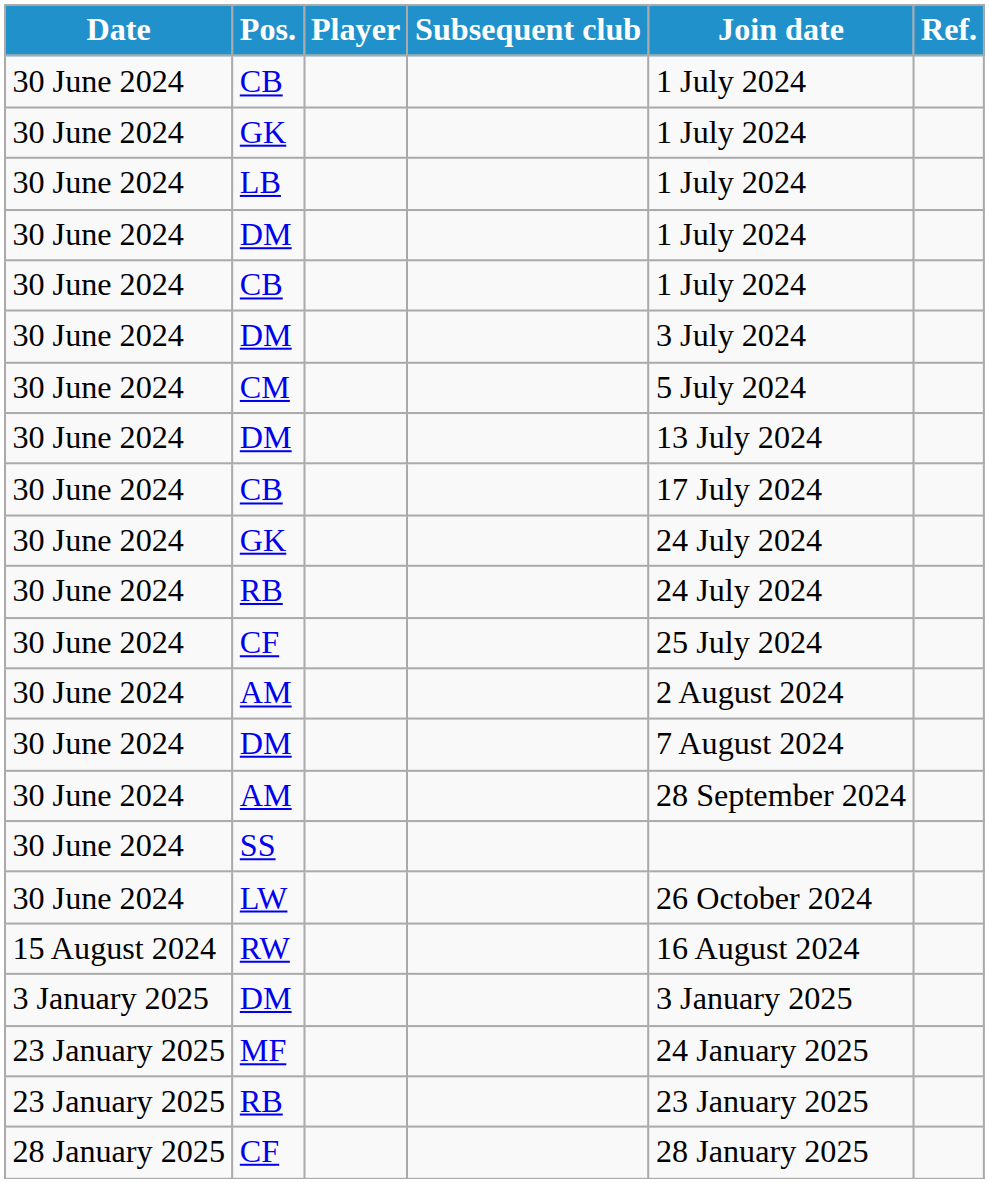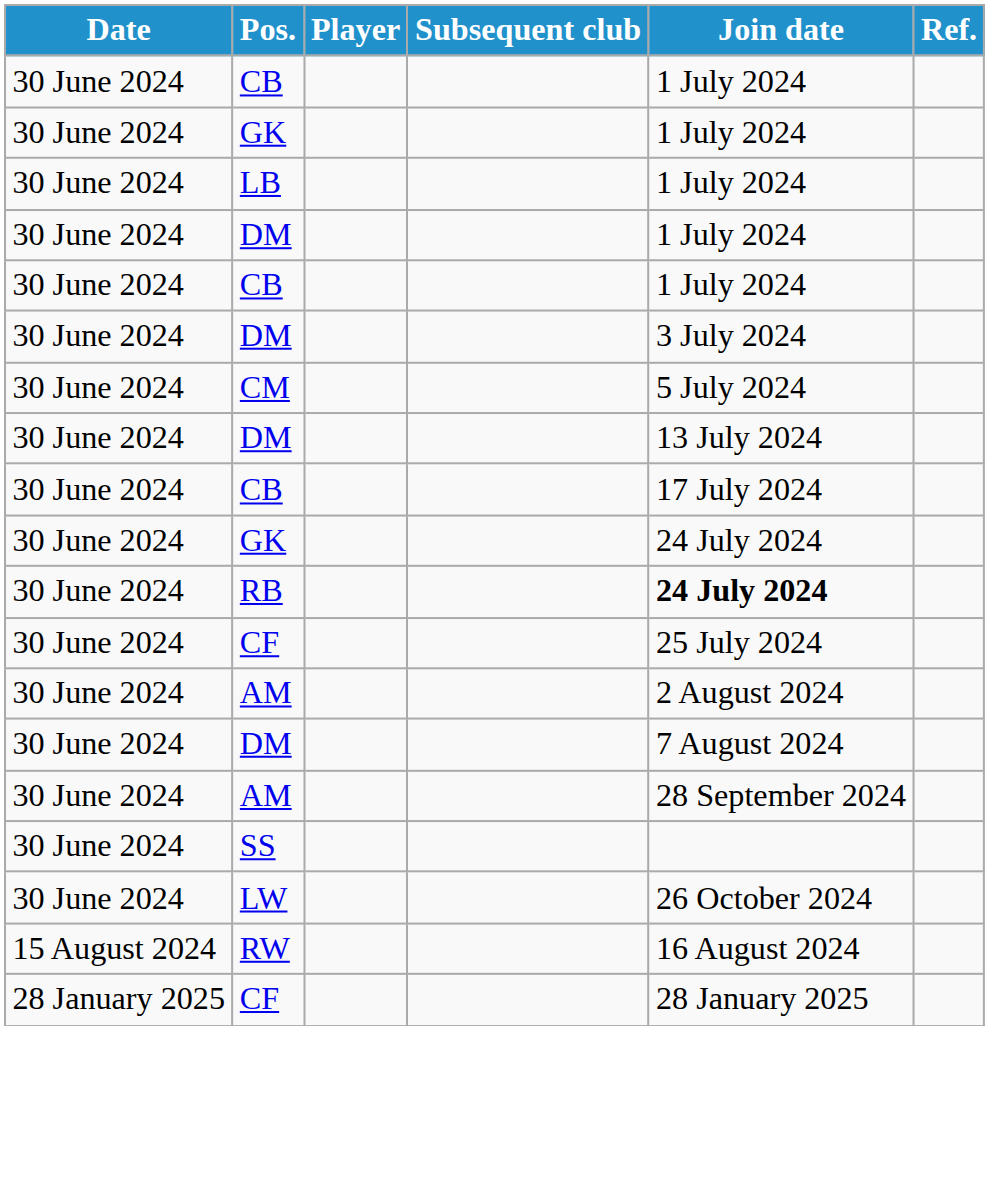 <table class="wikitable plainrowheaders sortable">
 <tr>
 <th style="background:#2191CC; color:#FFFFFF; ">Date</th>
 <th style="background:#2191CC; color:#FFFFFF; ">Pos.</th>
 <th style="background:#2191CC; color:#FFFFFF; ">Player</th>
 <th style="background:#2191CC; color:#FFFFFF; ">Subsequent club</th>
 <th style="background:#2191CC; color:#FFFFFF; ">Join date</th>
 <th style="background:#2191CC; color:#FFFFFF; ">Ref.</th>
 </tr>
 <tr>
 <td>30 June 2024</td>
 <td><a href='#'>CB</a></td>
 <td></td>
 <td></td>
 <td>1 July 2024</td>
 <td></td>
 </tr>
 <tr>
 <td>30 June 2024</td>
 <td><a href='#'>GK</a></td>
 <td></td>
 <td></td>
 <td>1 July 2024</td>
 <td></td>
 </tr>
 <tr>
 <td>30 June 2024</td>
 <td><a href='#'>LB</a></td>
 <td></td>
 <td></td>
 <td>1 July 2024</td>
 <td></td>
 </tr>
 <tr>
 <td>30 June 2024</td>
 <td><a href='#'>DM</a></td>
 <td></td>
 <td></td>
 <td>1 July 2024</td>
 <td></td>
 </tr>
 <tr>
 <td>30 June 2024</td>
 <td><a href='#'>CB</a></td>
 <td></td>
 <td></td>
 <td>1 July 2024</td>
 <td></td>
 </tr>
 <tr>
 <td>30 June 2024</td>
 <td><a href='#'>DM</a></td>
 <td></td>
 <td></td>
 <td>3 July 2024</td>
 <td></td>
 </tr>
 <tr>
 <td>30 June 2024</td>
 <td><a href='#'>CM</a></td>
 <td></td>
 <td></td>
 <td>5 July 2024</td>
 <td></td>
 </tr>
 <tr>
 <td>30 June 2024</td>
 <td><a href='#'>DM</a></td>
 <td></td>
 <td></td>
 <td>13 July 2024</td>
 <td></td>
 </tr>
 <tr>
 <td>30 June 2024</td>
 <td><a href='#'>CB</a></td>
 <td></td>
 <td></td>
 <td>17 July 2024</td>
 <td></td>
 </tr>
 <tr>
 <td>30 June 2024</td>
 <td><a href='#'>GK</a></td>
 <td></td>
 <td></td>
 <td>24 July 2024</td>
 <td></td>
 </tr>
 <tr>
 <td>30 June 2024</td>
 <td><a href='#'>RB</a></td>
 <td></td>
 <td></td>
-<td>24 July 2024</td>
+<td><strong>24 July 2024</strong></td>
 <td></td>
 </tr>
 <tr>
 <td>30 June 2024</td>
 <td><a href='#'>CF</a></td>
 <td></td>
 <td></td>
 <td>25 July 2024</td>
 <td></td>
 </tr>
 <tr>
 <td>30 June 2024</td>
 <td><a href='#'>AM</a></td>
 <td></td>
 <td></td>
 <td>2 August 2024</td>
 <td></td>
 </tr>
 <tr>
 <td>30 June 2024</td>
 <td><a href='#'>DM</a></td>
 <td></td>
 <td></td>
 <td>7 August 2024</td>
 <td></td>
 </tr>
 <tr>
 <td>30 June 2024</td>
 <td><a href='#'>AM</a></td>
 <td></td>
 <td></td>
 <td>28 September 2024</td>
 <td></td>
 </tr>
 <tr>
 <td>30 June 2024</td>
 <td><a href='#'>SS</a></td>
 <td></td>
 <td></td>
 <td></td>
 <td></td>
 </tr>
 <tr>
 <td>30 June 2024</td>
 <td><a href='#'>LW</a></td>
 <td></td>
 <td></td>
 <td>26 October 2024</td>
 <td></td>
 </tr>
 <tr>
 <td>15 August 2024</td>
 <td><a href='#'>RW</a></td>
 <td></td>
 <td></td>
 <td>16 August 2024</td>
 <td></td>
 </tr>
 <tr>
-<td>3 January 2025</td>
-<td><a href='#'>DM</a></td>
-<td></td>
-<td></td>
-<td>3 January 2025</td>
-<td></td>
-</tr>
-<tr>
-<td>23 January 2025</td>
-<td><a href='#'>MF</a></td>
-<td></td>
-<td></td>
-<td>24 January 2025</td>
-<td></td>
-</tr>
-<tr>
-<td>23 January 2025</td>
-<td><a href='#'>RB</a></td>
-<td></td>
-<td></td>
-<td>23 January 2025</td>
-<td></td>
-</tr>
-<tr>
 <td>28 January 2025</td>
 <td><a href='#'>CF</a></td>
 <td></td>
 <td></td>
 <td>28 January 2025</td>
 <td></td>
 </tr>
 </table>
